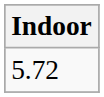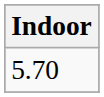 <table class="wikitable" border="1" align="upright">
 <tr>
 <th>Indoor</th>
 </tr>
 <tr>
-<td>5.72</td>
+<td>5.70</td>
 </tr>
 </table>
